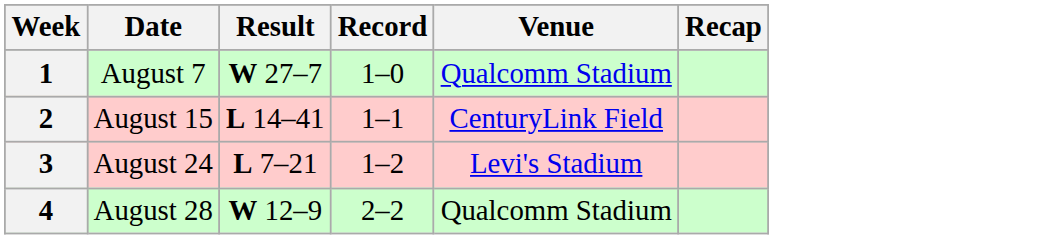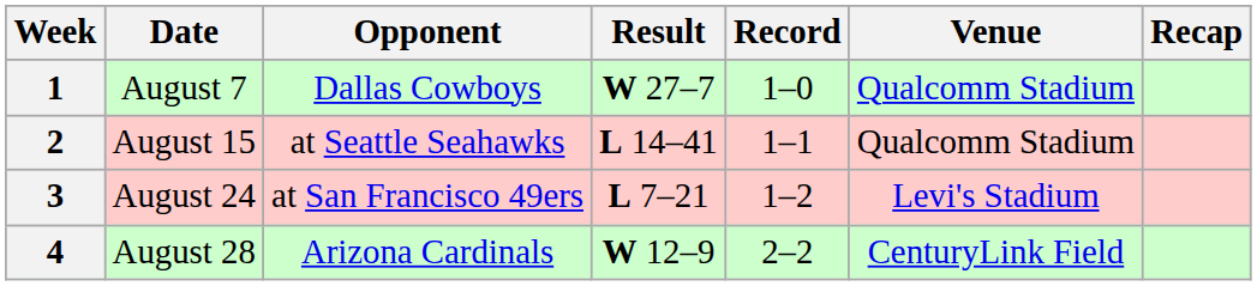 <table class="wikitable" style="text-align:center">
 <tr>
 <th>Week</th>
 <th>Date</th>
+<th>Opponent</th>
 <th>Result</th>
 <th>Record</th>
 <th>Venue</th>
 <th>Recap</th>
 </tr>
 <tr style="background:#cfc;">
 <th>1</th>
 <td>August 7</td>
+<td><a href='#'>Dallas Cowboys</a></td>
 <td><strong>W</strong> 27–7</td>
 <td>1–0</td>
 <td><a href='#'>Qualcomm Stadium</a></td>
 <td></td>
 </tr>
 <tr style="background:#fcc;">
 <th>2</th>
 <td>August 15</td>
+<td>at <a href='#'>Seattle Seahawks</a></td>
 <td><strong>L</strong> 14–41</td>
 <td>1–1</td>
-<td><a href='#'>CenturyLink Field</a></td>
+<td>Qualcomm Stadium</td>
 <td></td>
 </tr>
 <tr style="background:#fcc;">
 <th>3</th>
 <td>August 24</td>
+<td>at <a href='#'>San Francisco 49ers</a></td>
 <td><strong>L</strong> 7–21</td>
 <td>1–2</td>
 <td><a href='#'>Levi's Stadium</a></td>
 <td></td>
 </tr>
 <tr style="background:#cfc;">
 <th>4</th>
 <td>August 28</td>
+<td><a href='#'>Arizona Cardinals</a></td>
 <td><strong>W</strong> 12–9</td>
 <td>2–2</td>
-<td>Qualcomm Stadium</td>
+<td><a href='#'>CenturyLink Field</a></td>
 <td></td>
 </tr>
 </table>
